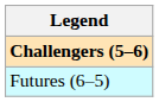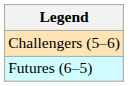 <table class=wikitable style=font-size:90%>
 <tr>
 <th>Legend</th>
 </tr>
 <tr bgcolor=moccasin>
-<td><strong>Challengers (5–6)</strong></td>
+<td>Challengers (5–6)</td>
 </tr>
 <tr bgcolor=CFFCFF>
 <td>Futures (6–5)</td>
 </tr>
 </table>
